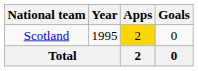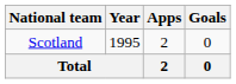 <table class="wikitable" style="text-align:center">
 <tr>
 <th>National team</th>
 <th>Year</th>
 <th>Apps</th>
 <th>Goals</th>
 </tr>
 <tr>
 <td><a href='#'>Scotland</a></td>
 <td>1995</td>
-<td style="background: gold;">2</td>
+<td>2</td>
 <td>0</td>
 </tr>
 <tr>
 <th colspan="2">Total</th>
 <th>2</th>
 <th>0</th>
 </tr>
 </table>
